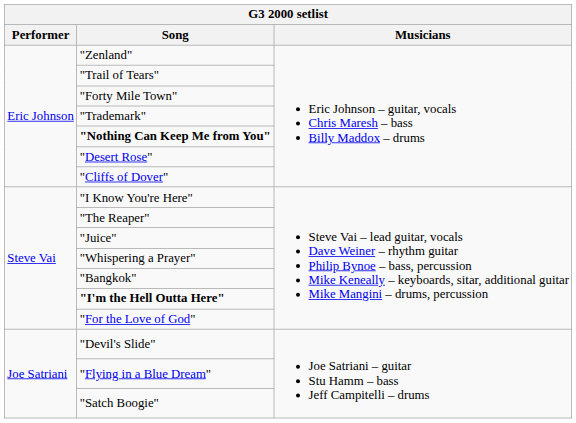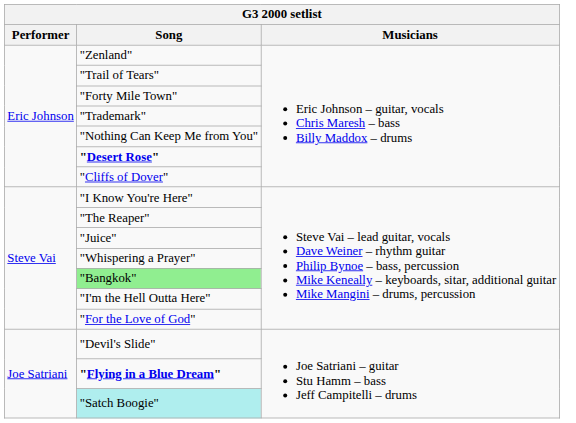 <table class="wikitable collapsible collapsed">
 <tr>
 <th colspan="3">G3 2000 setlist</th>
 </tr>
 <tr>
 <th>Performer</th>
 <th>Song</th>
 <th>Musicians</th>
 </tr>
 <tr>
 <td rowspan=7><a href='#'>Eric Johnson</a></td>
 <td>"Zenland"</td>
 <td rowspan=7><br><ul><li>Eric Johnson – guitar, vocals</li><li><a href='#'>Chris Maresh</a> – bass</li><li><a href='#'>Billy Maddox</a> – drums</li></ul></td>
 </tr>
 <tr>
 <td>"Trail of Tears"</td>
 </tr>
 <tr>
 <td>"Forty Mile Town"</td>
 </tr>
 <tr>
 <td>"Trademark"</td>
 </tr>
 <tr>
-<td><strong>"Nothing Can Keep Me from You"</strong></td>
+<td>"Nothing Can Keep Me from You"</td>
 </tr>
 <tr>
-<td>"<a href='#'>Desert Rose</a>"</td>
+<td><strong>"<a href='#'>Desert Rose</a>"</strong></td>
 </tr>
 <tr>
 <td>"<a href='#'>Cliffs of Dover</a>"</td>
 </tr>
 <tr>
 <td rowspan=7><a href='#'>Steve Vai</a></td>
 <td>"I Know You're Here"</td>
 <td rowspan=7><br><ul><li>Steve Vai – lead guitar, vocals</li><li><a href='#'>Dave Weiner</a> – rhythm guitar</li><li><a href='#'>Philip Bynoe</a> – bass, percussion</li><li><a href='#'>Mike Keneally</a> – keyboards, sitar, additional guitar</li><li><a href='#'>Mike Mangini</a> – drums, percussion</li></ul></td>
 </tr>
 <tr>
 <td>"The Reaper"</td>
 </tr>
 <tr>
 <td>"Juice"</td>
 </tr>
 <tr>
 <td>"Whispering a Prayer"</td>
 </tr>
 <tr>
-<td>"Bangkok"</td>
+<td style="background: lightgreen;">"Bangkok"</td>
 </tr>
 <tr>
-<td><strong>"I'm the Hell Outta Here"</strong></td>
+<td>"I'm the Hell Outta Here"</td>
 </tr>
 <tr>
 <td>"<a href='#'>For the Love of God</a>"</td>
 </tr>
 <tr>
 <td rowspan=3><a href='#'>Joe Satriani</a></td>
 <td>"Devil's Slide"</td>
 <td rowspan=3><br><ul><li>Joe Satriani – guitar</li><li>Stu Hamm – bass</li><li>Jeff Campitelli – drums</li></ul></td>
 </tr>
 <tr>
-<td>"<a href='#'>Flying in a Blue Dream</a>"</td>
+<td><strong>"<a href='#'>Flying in a Blue Dream</a>"</strong></td>
 </tr>
 <tr>
-<td>"Satch Boogie"</td>
+<td style="background: paleturquoise;">"Satch Boogie"</td>
 </tr>
 </table>
